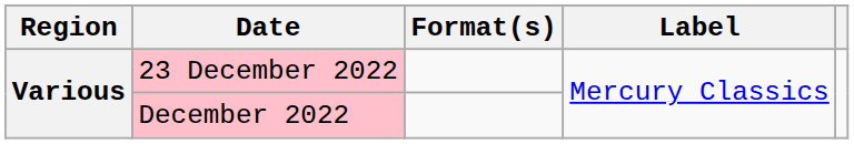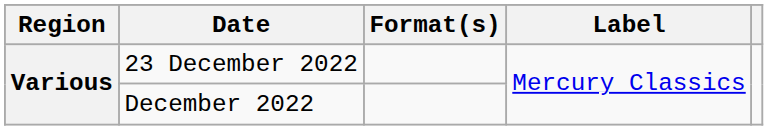 <table class="wikitable plainrowheaders">
 <tr>
 <th scope="col">Region</th>
 <th scope="col">Date</th>
 <th scope="col">Format(s)</th>
 <th scope="col">Label</th>
 <th scope="col"></th>
 </tr>
 <tr>
 <th rowspan="2" scope="row">Various</th>
-<td style="background: pink;">23 December 2022</td>
+<td>23 December 2022</td>
 <td></td>
 <td rowspan="2"><a href='#'>Mercury Classics</a></td>
 <td rowspan="2" align="center"></td>
 </tr>
 <tr>
-<td style="background: pink;">December 2022</td>
+<td>December 2022</td>
 <td></td>
 </tr>
 </table>
